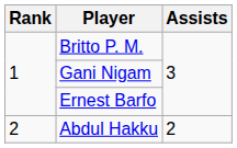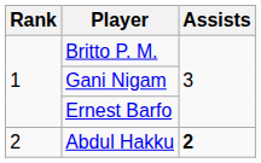 <table class="wikitable" style="text-align:center">
 <tr>
 <th>Rank</th>
 <th>Player</th>
 <th>Assists</th>
 </tr>
 <tr>
 <td rowspan="3" align="left">1</td>
 <td align="left"> <a href='#'>Britto P. M.</a></td>
 <td rowspan="3" align="left">3</td>
 </tr>
 <tr>
 <td align="left"> <a href='#'>Gani Nigam</a></td>
 </tr>
 <tr>
 <td align="left"> <a href='#'>Ernest Barfo</a></td>
 </tr>
 <tr>
 <td rowspan="2" align="left">2</td>
 <td align="left"> <a href='#'>Abdul Hakku</a></td>
-<td rowspan="1" align="left">2</td>
+<td rowspan="1" align="left"><strong>2</strong></td>
 </tr>
 </table>
